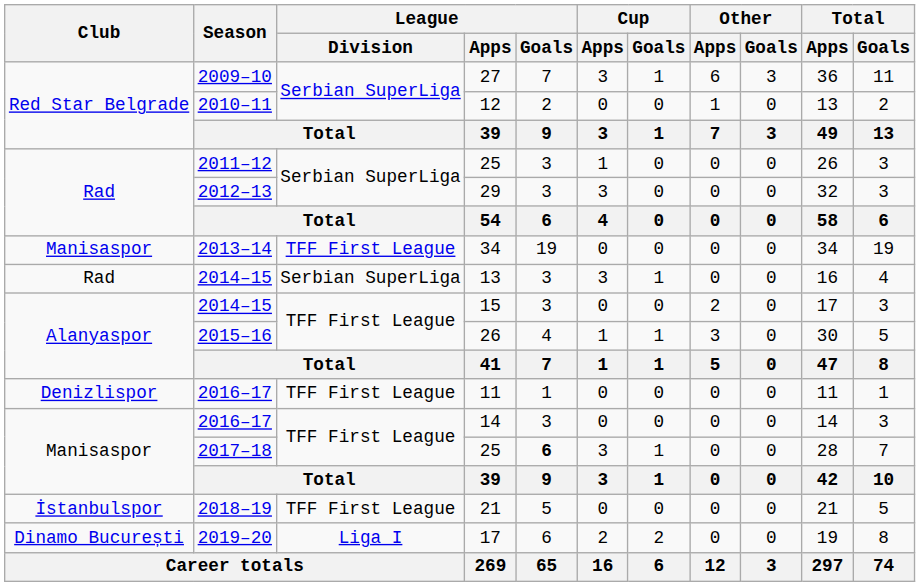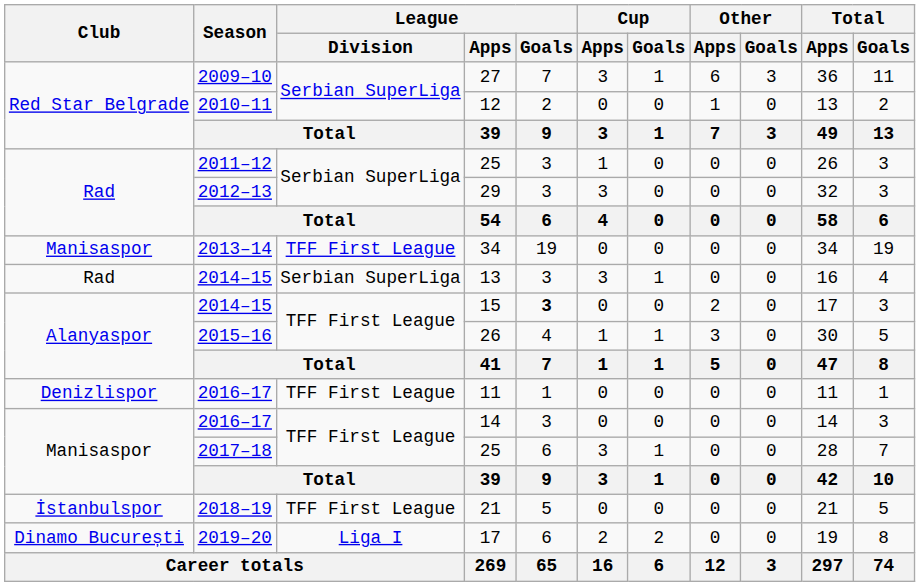 <table class="wikitable" style="text-align:center">
 <tr>
 <th rowspan="2">Club</th>
 <th rowspan="2">Season</th>
 <th colspan="3">League</th>
 <th colspan="2">Cup</th>
 <th colspan="2">Other</th>
 <th colspan="2">Total</th>
 </tr>
 <tr>
 <th>Division</th>
 <th>Apps</th>
 <th>Goals</th>
 <th>Apps</th>
 <th>Goals</th>
 <th>Apps</th>
 <th>Goals</th>
 <th>Apps</th>
 <th>Goals</th>
 </tr>
 <tr>
 <td rowspan="3"><a href='#'>Red Star Belgrade</a></td>
 <td><a href='#'>2009–10</a></td>
 <td rowspan="2"><a href='#'>Serbian SuperLiga</a></td>
 <td>27</td>
 <td>7</td>
 <td>3</td>
 <td>1</td>
 <td>6</td>
 <td>3</td>
 <td>36</td>
 <td>11</td>
 </tr>
 <tr>
 <td><a href='#'>2010–11</a></td>
 <td>12</td>
 <td>2</td>
 <td>0</td>
 <td>0</td>
 <td>1</td>
 <td>0</td>
 <td>13</td>
 <td>2</td>
 </tr>
 <tr>
 <th colspan="2">Total</th>
 <th>39</th>
 <th>9</th>
 <th>3</th>
 <th>1</th>
 <th>7</th>
 <th>3</th>
 <th>49</th>
 <th>13</th>
 </tr>
 <tr>
 <td rowspan="3"><a href='#'>Rad</a></td>
 <td><a href='#'>2011–12</a></td>
 <td rowspan="2">Serbian SuperLiga</td>
 <td>25</td>
 <td>3</td>
 <td>1</td>
 <td>0</td>
 <td>0</td>
 <td>0</td>
 <td>26</td>
 <td>3</td>
 </tr>
 <tr>
 <td><a href='#'>2012–13</a></td>
 <td>29</td>
 <td>3</td>
 <td>3</td>
 <td>0</td>
 <td>0</td>
 <td>0</td>
 <td>32</td>
 <td>3</td>
 </tr>
 <tr>
 <th colspan="2">Total</th>
 <th>54</th>
 <th>6</th>
 <th>4</th>
 <th>0</th>
 <th>0</th>
 <th>0</th>
 <th>58</th>
 <th>6</th>
 </tr>
 <tr>
 <td><a href='#'>Manisaspor</a></td>
 <td><a href='#'>2013–14</a></td>
 <td><a href='#'>TFF First League</a></td>
 <td>34</td>
 <td>19</td>
 <td>0</td>
 <td>0</td>
 <td>0</td>
 <td>0</td>
 <td>34</td>
 <td>19</td>
 </tr>
 <tr>
 <td>Rad</td>
 <td><a href='#'>2014–15</a></td>
 <td>Serbian SuperLiga</td>
 <td>13</td>
 <td>3</td>
 <td>3</td>
 <td>1</td>
 <td>0</td>
 <td>0</td>
 <td>16</td>
 <td>4</td>
 </tr>
 <tr>
 <td rowspan="3"><a href='#'>Alanyaspor</a></td>
 <td><a href='#'>2014–15</a></td>
 <td rowspan="2">TFF First League</td>
 <td>15</td>
-<td>3</td>
+<td><strong>3</strong></td>
 <td>0</td>
 <td>0</td>
 <td>2</td>
 <td>0</td>
 <td>17</td>
 <td>3</td>
 </tr>
 <tr>
 <td><a href='#'>2015–16</a></td>
 <td>26</td>
 <td>4</td>
 <td>1</td>
 <td>1</td>
 <td>3</td>
 <td>0</td>
 <td>30</td>
 <td>5</td>
 </tr>
 <tr>
 <th colspan="2">Total</th>
 <th>41</th>
 <th>7</th>
 <th>1</th>
 <th>1</th>
 <th>5</th>
 <th>0</th>
 <th>47</th>
 <th>8</th>
 </tr>
 <tr>
 <td><a href='#'>Denizlispor</a></td>
 <td><a href='#'>2016–17</a></td>
 <td>TFF First League</td>
 <td>11</td>
 <td>1</td>
 <td>0</td>
 <td>0</td>
 <td>0</td>
 <td>0</td>
 <td>11</td>
 <td>1</td>
 </tr>
 <tr>
 <td rowspan="3">Manisaspor</td>
 <td><a href='#'>2016–17</a></td>
 <td rowspan="2">TFF First League</td>
 <td>14</td>
 <td>3</td>
 <td>0</td>
 <td>0</td>
 <td>0</td>
 <td>0</td>
 <td>14</td>
 <td>3</td>
 </tr>
 <tr>
 <td><a href='#'>2017–18</a></td>
 <td>25</td>
-<td><strong>6</strong></td>
+<td>6</td>
 <td>3</td>
 <td>1</td>
 <td>0</td>
 <td>0</td>
 <td>28</td>
 <td>7</td>
 </tr>
 <tr>
 <th colspan="2">Total</th>
 <th>39</th>
 <th>9</th>
 <th>3</th>
 <th>1</th>
 <th>0</th>
 <th>0</th>
 <th>42</th>
 <th>10</th>
 </tr>
 <tr>
 <td><a href='#'>İstanbulspor</a></td>
 <td><a href='#'>2018–19</a></td>
 <td>TFF First League</td>
 <td>21</td>
 <td>5</td>
 <td>0</td>
 <td>0</td>
 <td>0</td>
 <td>0</td>
 <td>21</td>
 <td>5</td>
 </tr>
 <tr>
 <td><a href='#'>Dinamo București</a></td>
 <td><a href='#'>2019–20</a></td>
 <td><a href='#'>Liga I</a></td>
 <td>17</td>
 <td>6</td>
 <td>2</td>
 <td>2</td>
 <td>0</td>
 <td>0</td>
 <td>19</td>
 <td>8</td>
 </tr>
 <tr>
 <th colspan="3">Career totals</th>
 <th>269</th>
 <th>65</th>
 <th>16</th>
 <th>6</th>
 <th>12</th>
 <th>3</th>
 <th>297</th>
 <th>74</th>
 </tr>
 </table>
